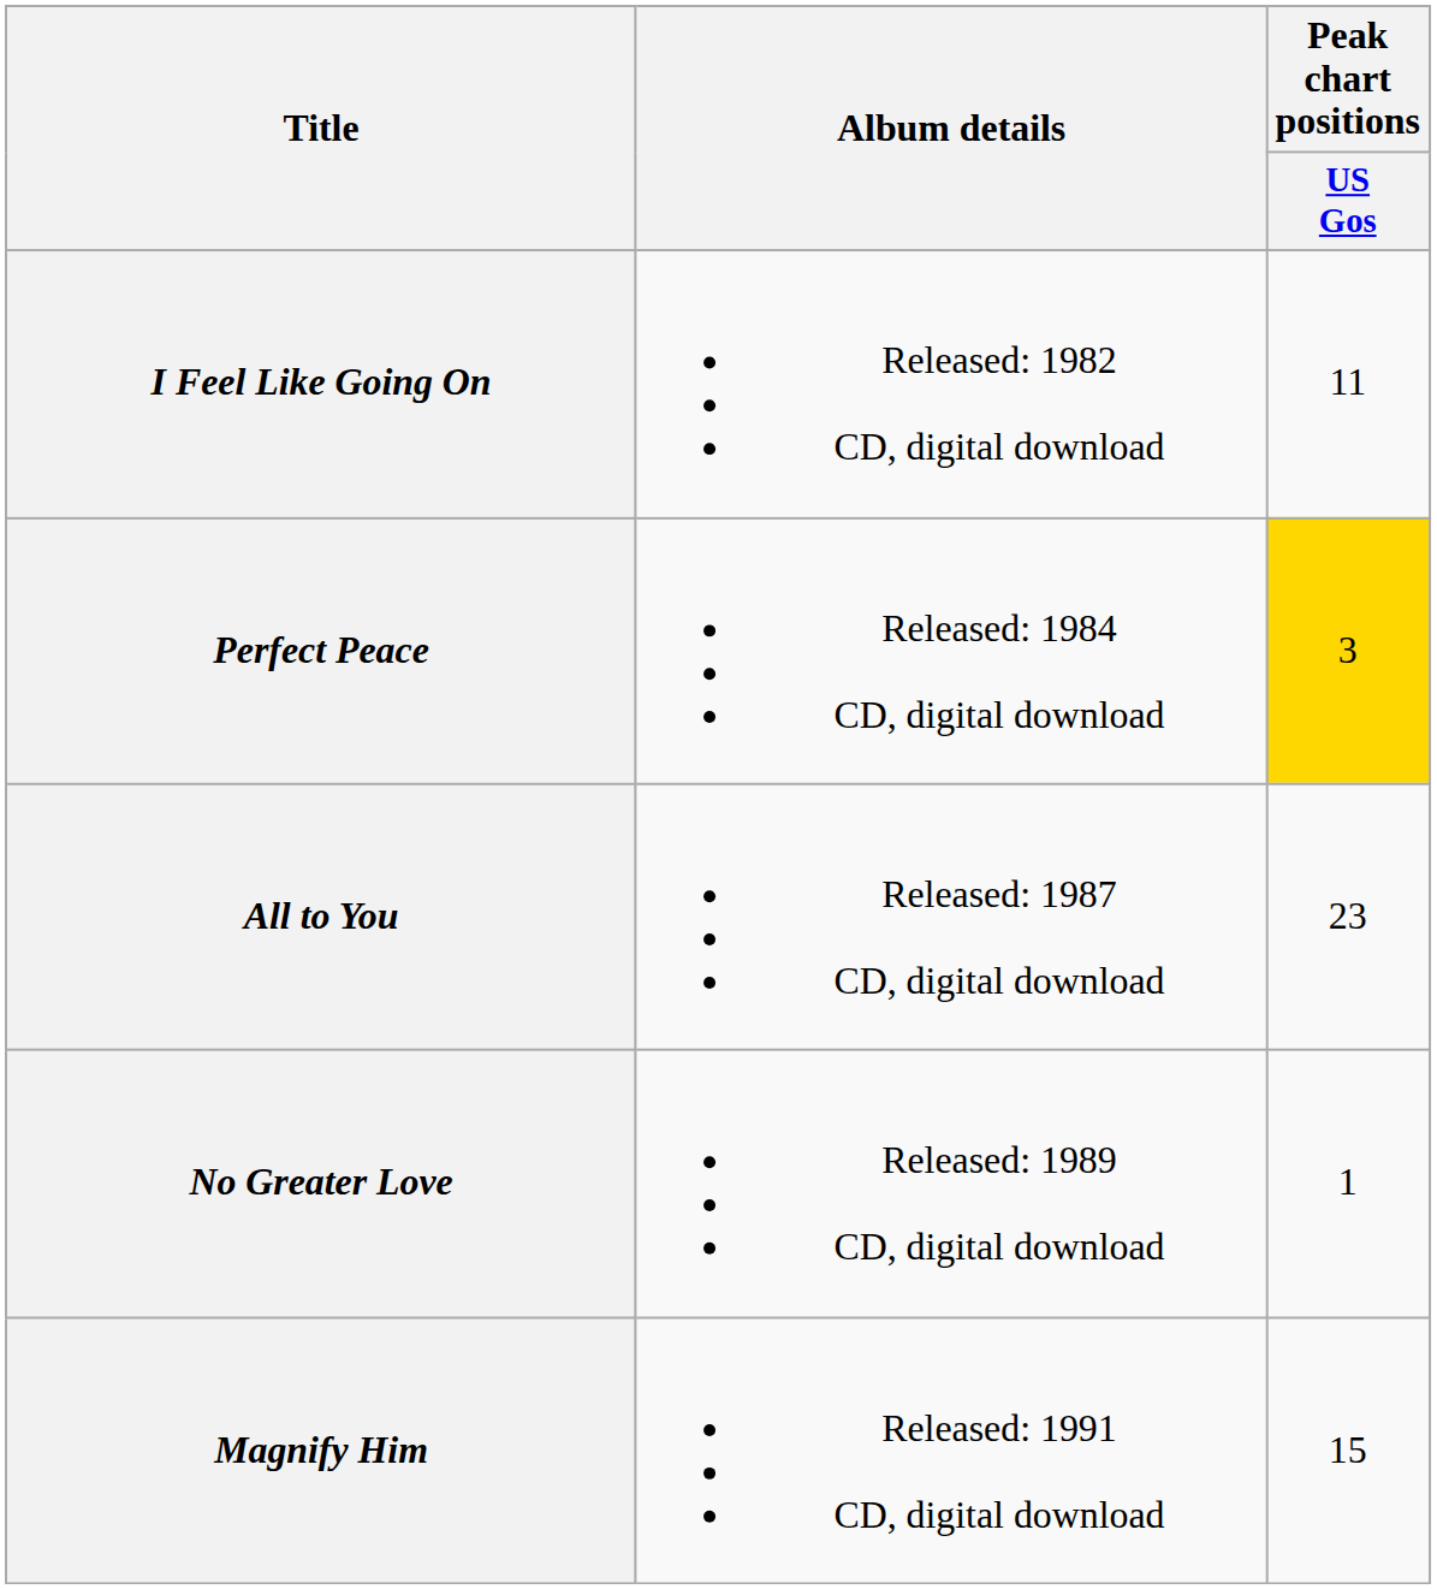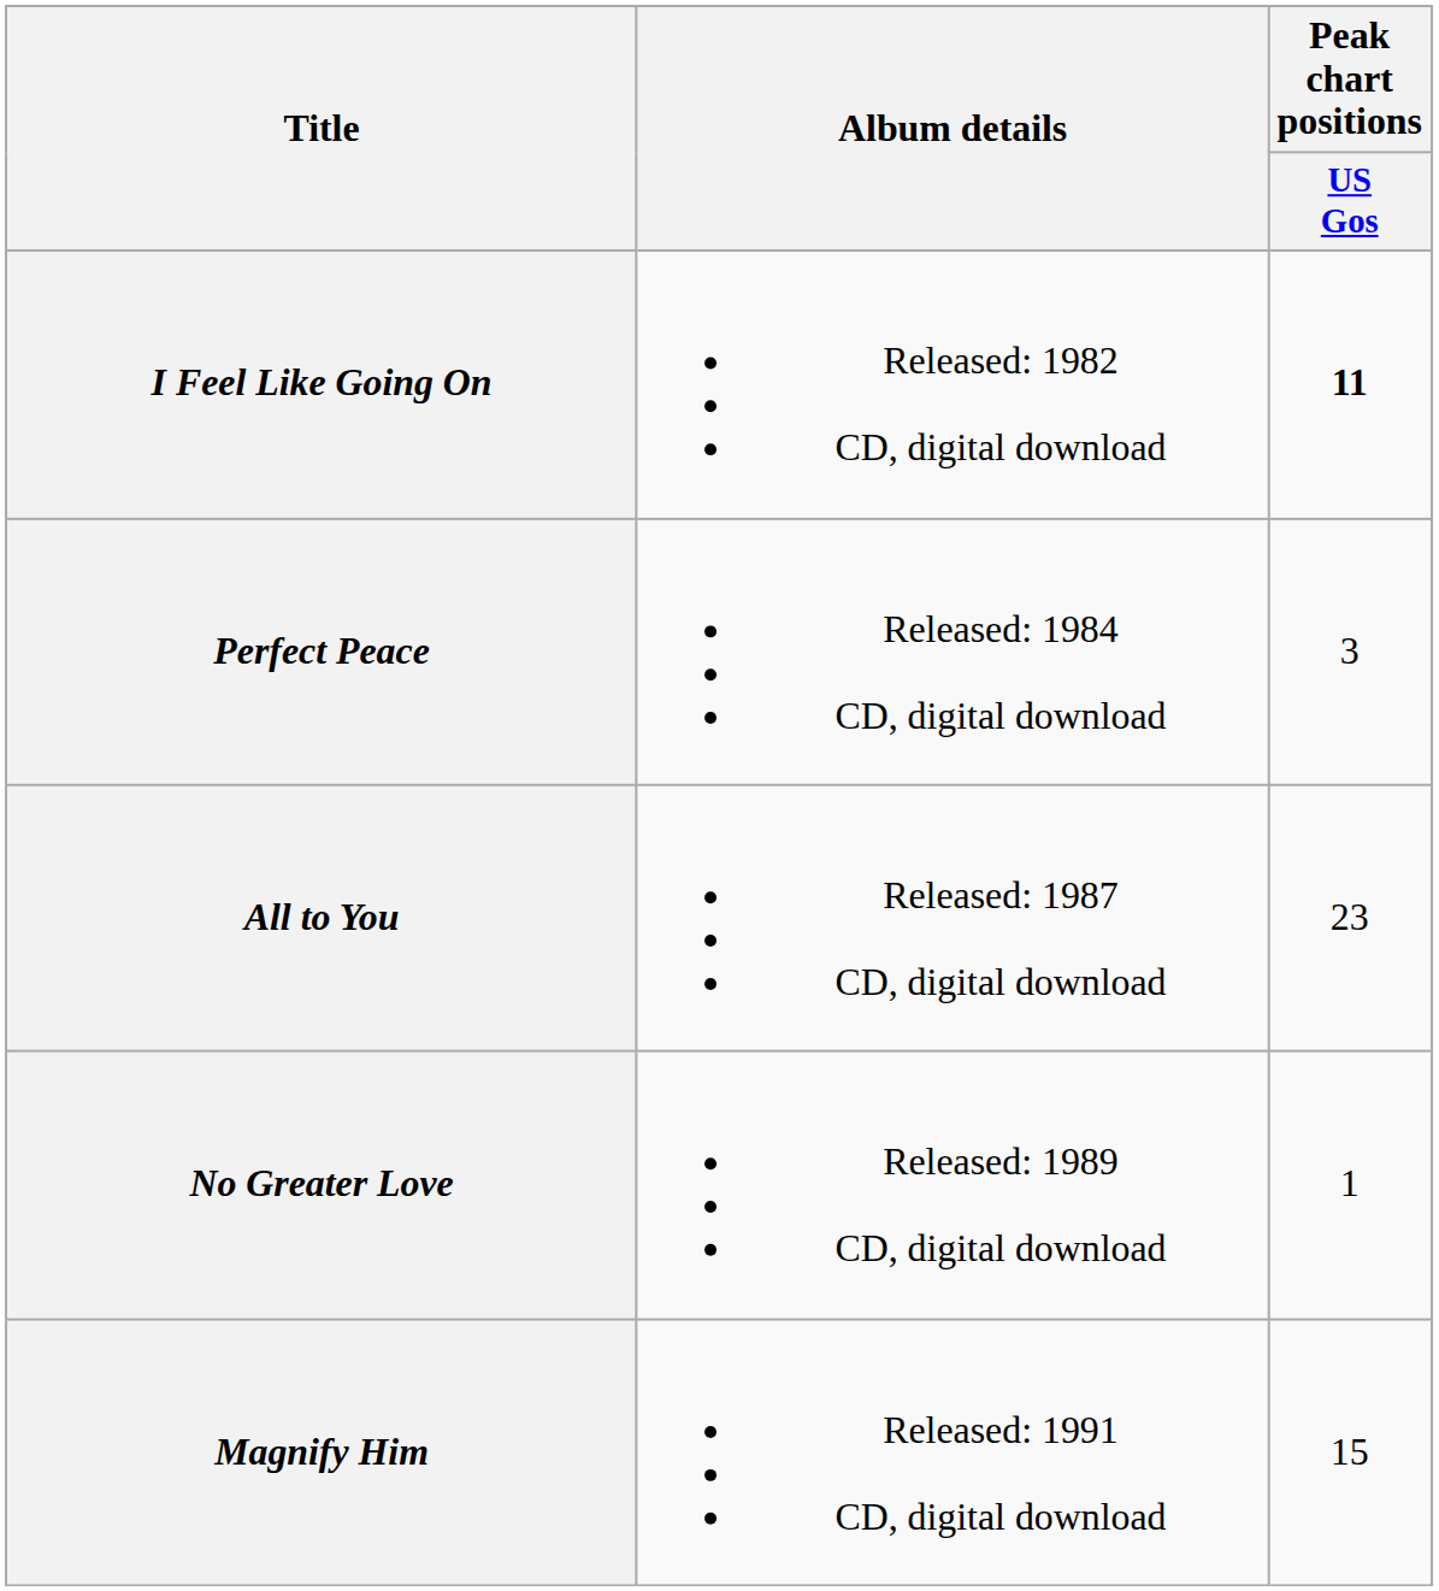 <table class="wikitable plainrowheaders" style="text-align:center;">
 <tr>
 <th scope="col" rowspan="2" style="width:16em;">Title</th>
 <th scope="col" rowspan="2" style="width:16em;">Album details</th>
 <th scope="col" colspan="1">Peak chart positions</th>
 </tr>
 <tr>
 <th style="width:3em; font-size:90%"><a href='#'>US<br>Gos</a></th>
 </tr>
 <tr>
 <th scope="row"><em>I Feel Like Going On</em></th>
 <td><br><ul><li>Released: 1982</li><li></li><li>CD, digital download</li></ul></td>
-<td>11</td>
+<td><strong>11</strong></td>
 </tr>
 <tr>
 <th scope="row"><em>Perfect Peace</em></th>
 <td><br><ul><li>Released: 1984</li><li></li><li>CD, digital download</li></ul></td>
-<td style="background: gold;">3</td>
+<td>3</td>
 </tr>
 <tr>
 <th scope="row"><em>All to You</em></th>
 <td><br><ul><li>Released: 1987</li><li></li><li>CD, digital download</li></ul></td>
 <td>23</td>
 </tr>
 <tr>
 <th scope="row"><em>No Greater Love</em></th>
 <td><br><ul><li>Released: 1989</li><li></li><li>CD, digital download</li></ul></td>
 <td>1</td>
 </tr>
 <tr>
 <th scope="row"><em>Magnify Him</em></th>
 <td><br><ul><li>Released: 1991</li><li></li><li>CD, digital download</li></ul></td>
 <td>15</td>
 </tr>
 </table>
